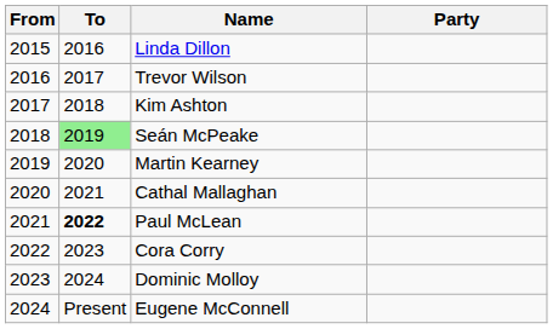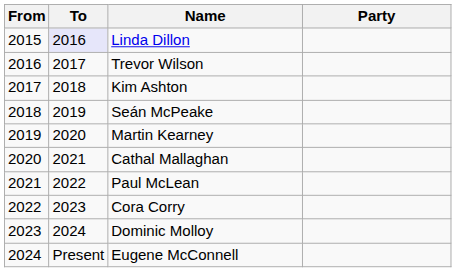 <table class="wikitable sortable">
 <tr>
 <th>From</th>
 <th>To</th>
 <th scope="col" width="200">Name</th>
 <th scope="col" width="150"  colspan=2>Party</th>
 </tr>
 <tr>
 <td>2015</td>
-<td>2016</td>
+<td style="background: lavender;">2016</td>
 <td><a href='#'>Linda Dillon</a></td>
 <td></td>
 </tr>
 <tr>
 <td>2016</td>
 <td>2017</td>
 <td>Trevor Wilson</td>
 <td></td>
 </tr>
 <tr>
 <td>2017</td>
 <td>2018</td>
 <td>Kim Ashton</td>
 <td></td>
 </tr>
 <tr>
 <td>2018</td>
-<td style="background: lightgreen;">2019</td>
+<td>2019</td>
 <td>Seán McPeake</td>
 <td></td>
 </tr>
 <tr>
 <td>2019</td>
 <td>2020</td>
 <td>Martin Kearney</td>
 <td></td>
 </tr>
 <tr>
 <td>2020</td>
 <td>2021</td>
 <td>Cathal Mallaghan</td>
 <td></td>
 </tr>
 <tr>
 <td>2021</td>
-<td><strong>2022</strong></td>
+<td>2022</td>
 <td>Paul McLean</td>
 <td></td>
 </tr>
 <tr>
 <td>2022</td>
 <td>2023</td>
 <td>Cora Corry</td>
 <td></td>
 </tr>
 <tr>
 <td>2023</td>
 <td>2024</td>
 <td>Dominic Molloy</td>
 <td></td>
 </tr>
 <tr>
 <td>2024</td>
 <td>Present</td>
 <td>Eugene McConnell</td>
 <td></td>
 </tr>
 </table>
